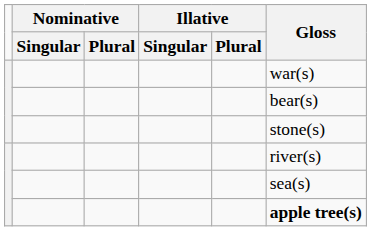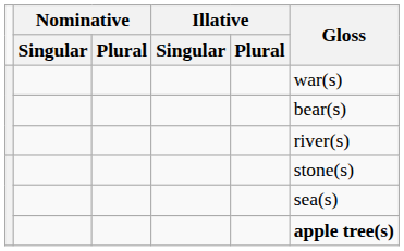 <table class=wikitable>
 <tr>
 <td rowspan=2></td>
 <th colspan=2 scope="col">Nominative</th>
 <th colspan=2 scope="col">Illative</th>
 <th rowspan=2 scope="col">Gloss</th>
 </tr>
 <tr>
 <th scope="col">Singular</th>
 <th scope="col">Plural</th>
 <th scope="col">Singular</th>
 <th scope="col">Plural</th>
 </tr>
 <tr>
 <th rowspan=3 cope="row"></th>
 <td></td>
 <td></td>
 <td></td>
 <td></td>
 <td>war(s)</td>
 </tr>
 <tr>
 <td></td>
 <td></td>
 <td></td>
 <td></td>
 <td>bear(s)</td>
 </tr>
 <tr>
 <td></td>
 <td></td>
 <td></td>
 <td></td>
-<td>stone(s)</td>
+<td>river(s)</td>
 </tr>
 <tr>
 <th rowspan=3 scope="row"></th>
 <td></td>
 <td></td>
 <td></td>
 <td></td>
-<td>river(s)</td>
+<td>stone(s)</td>
 </tr>
 <tr>
 <td></td>
 <td></td>
 <td></td>
 <td></td>
 <td>sea(s)</td>
 </tr>
 <tr>
 <td></td>
 <td></td>
 <td></td>
 <td></td>
 <td><strong>apple tree(s)</strong></td>
 </tr>
 </table>
